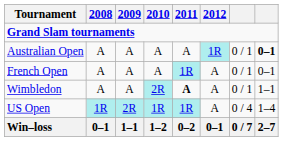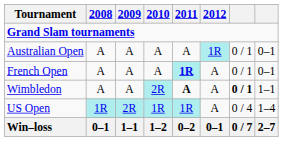 <table class=wikitable style=text-align:center;font-size:97%>
 <tr>
 <th>Tournament</th>
 <th><a href='#'>2008</a></th>
 <th><a href='#'>2009</a></th>
 <th><a href='#'>2010</a></th>
 <th><a href='#'>2011</a></th>
 <th><a href='#'>2012</a></th>
 <th></th>
 <th></th>
 </tr>
 <tr>
 <td colspan=15 align=left><strong><a href='#'>Grand Slam tournaments</a></strong></td>
 </tr>
 <tr>
 <td align=left><a href='#'>Australian Open</a></td>
 <td>A</td>
 <td>A</td>
 <td>A</td>
 <td>A</td>
 <td bgcolor=#afeeee><a href='#'>1R</a></td>
 <td>0 / 1</td>
-<td><strong>0–1</strong></td>
+<td>0–1</td>
 </tr>
 <tr>
 <td align=left><a href='#'>French Open</a></td>
 <td>A</td>
 <td>A</td>
 <td>A</td>
-<td bgcolor=#afeeee><a href='#'>1R</a></td>
+<td bgcolor=#afeeee><strong><a href='#'>1R</a></strong></td>
 <td>A</td>
 <td>0 / 1</td>
 <td>0–1</td>
 </tr>
 <tr>
 <td align=left><a href='#'>Wimbledon</a></td>
 <td>A</td>
 <td>A</td>
 <td bgcolor=#afeeee><a href='#'>2R</a></td>
 <td><strong>A</strong></td>
 <td>A</td>
-<td>0 / 1</td>
+<td><strong>0 / 1</strong></td>
 <td>1–1</td>
 </tr>
 <tr>
 <td align=left><a href='#'>US Open</a></td>
 <td bgcolor=#afeeee><a href='#'>1R</a></td>
 <td bgcolor=#afeeee><a href='#'>2R</a></td>
 <td bgcolor=#afeeee><a href='#'>1R</a></td>
 <td bgcolor=#afeeee><a href='#'>1R</a></td>
 <td>A</td>
 <td>0 / 4</td>
 <td>1–4</td>
 </tr>
 <tr>
 <th style=text-align:left>Win–loss</th>
 <th>0–1</th>
 <th>1–1</th>
 <th>1–2</th>
 <th>0–2</th>
 <th>0–1</th>
 <th>0 / 7</th>
 <th>2–7</th>
 </tr>
 </table>
